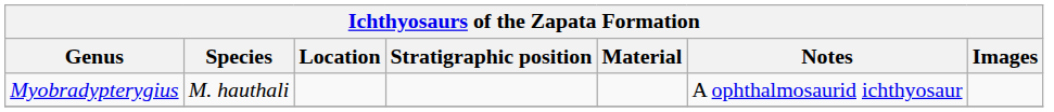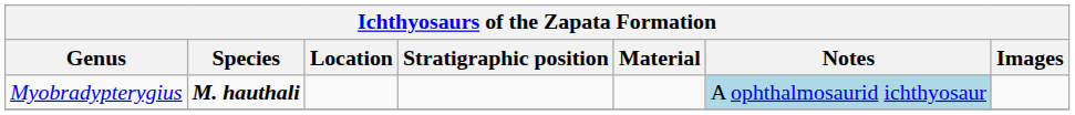 <table class="wikitable" align="center">
 <tr>
 <th colspan="7" align="center"><a href='#'>Ichthyosaurs</a> of the Zapata Formation</th>
 </tr>
 <tr>
 <th>Genus</th>
 <th>Species</th>
 <th>Location</th>
 <th>Stratigraphic position</th>
 <th>Material</th>
 <th>Notes</th>
 <th>Images</th>
 </tr>
 <tr>
 <td><em><a href='#'>Myobradypterygius</a></em></td>
-<td><em>M. hauthali</em></td>
+<td><strong><em>M. hauthali</em></strong></td>
 <td></td>
 <td></td>
 <td></td>
-<td>A <a href='#'>ophthalmosaurid</a> <a href='#'>ichthyosaur</a></td>
+<td style="background: lightblue;">A <a href='#'>ophthalmosaurid</a> <a href='#'>ichthyosaur</a></td>
 <td></td>
 </tr>
 <tr>
 </tr>
 </table>
